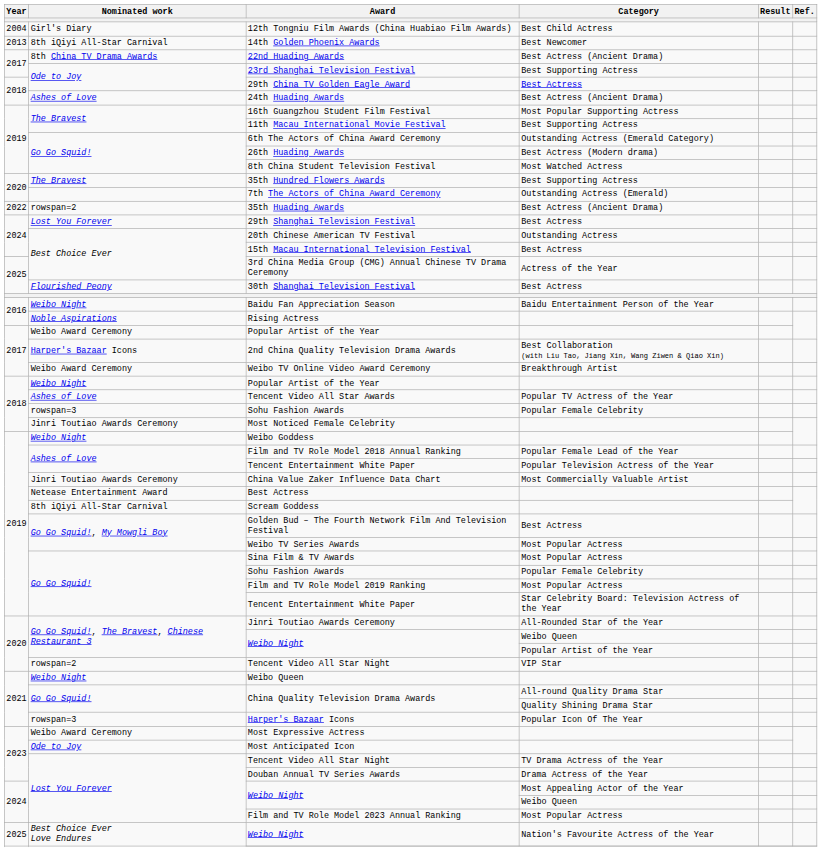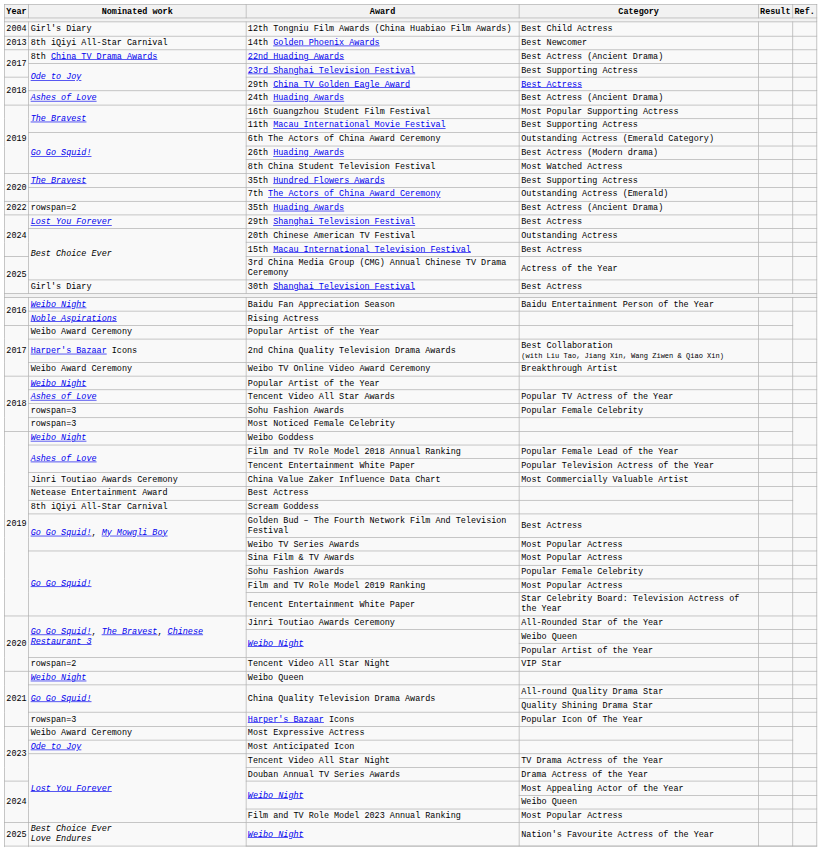 <table class="wikitable">
 <tr>
 <th>Year</th>
 <th>Nominated work</th>
 <th>Award</th>
 <th>Category</th>
 <th>Result</th>
 <th>Ref.</th>
 </tr>
 <tr>
 <th colspan=6></th>
 </tr>
 <tr>
 <td>2004</td>
 <td>Girl's Diary</td>
 <td>12th Tongniu Film Awards (China Huabiao Film Awards)</td>
 <td>Best Child Actress</td>
 <td></td>
 <td></td>
 </tr>
 <tr>
 <td>2013</td>
 <td>8th iQiyi All-Star Carnival</td>
 <td>14th <a href='#'>Golden Phoenix Awards</a></td>
 <td>Best Newcomer</td>
 <td></td>
 <td></td>
 </tr>
 <tr>
 <td rowspan=2>2017</td>
 <td>8th <a href='#'>China TV Drama Awards</a></td>
 <td><a href='#'>22nd Huading Awards</a></td>
 <td>Best Actress (Ancient Drama)</td>
 <td></td>
 <td></td>
 </tr>
 <tr>
 <td rowspan=2><em><a href='#'>Ode to Joy</a></em></td>
 <td><a href='#'>23rd Shanghai Television Festival</a></td>
 <td>Best Supporting Actress</td>
 <td></td>
 <td></td>
 </tr>
 <tr>
 <td rowspan=2>2018</td>
 <td>29th <a href='#'>China TV Golden Eagle Award</a></td>
 <td><a href='#'>Best Actress</a></td>
 <td></td>
 <td></td>
 </tr>
 <tr>
 <td><em><a href='#'>Ashes of Love</a></em></td>
 <td>24th <a href='#'>Huading Awards</a></td>
 <td>Best Actress (Ancient Drama)</td>
 <td></td>
 <td></td>
 </tr>
 <tr>
 <td rowspan=5>2019</td>
 <td rowspan=2><em><a href='#'>The Bravest</a></em></td>
 <td>16th Guangzhou Student Film Festival</td>
 <td>Most Popular Supporting Actress</td>
 <td></td>
 <td></td>
 </tr>
 <tr>
 <td>11th <a href='#'>Macau International Movie Festival</a></td>
 <td>Best Supporting Actress</td>
 <td></td>
 <td></td>
 </tr>
 <tr>
 <td rowspan=3><em><a href='#'>Go Go Squid!</a></em></td>
 <td>6th The Actors of China Award Ceremony</td>
 <td>Outstanding Actress (Emerald Category)</td>
 <td></td>
 <td></td>
 </tr>
 <tr>
 <td>26th <a href='#'>Huading Awards</a></td>
 <td>Best Actress (Modern drama)</td>
 <td></td>
 <td></td>
 </tr>
 <tr>
 <td>8th China Student Television Festival</td>
 <td>Most Watched Actress</td>
 <td></td>
 <td></td>
 </tr>
 <tr>
 <td rowspan=2>2020</td>
 <td><em><a href='#'>The Bravest</a></em></td>
 <td>35th <a href='#'>Hundred Flowers Awards</a></td>
 <td>Best Supporting Actress</td>
 <td></td>
 <td></td>
 </tr>
 <tr>
 <td></td>
 <td>7th <a href='#'>The Actors of China Award Ceremony</a></td>
 <td>Outstanding Actress (Emerald)</td>
 <td></td>
 <td></td>
 </tr>
 <tr>
 <td>2022</td>
 <td>rowspan=2 </td>
 <td>35th <a href='#'>Huading Awards</a></td>
 <td>Best Actress (Ancient Drama)</td>
 <td></td>
 <td></td>
 </tr>
 <tr>
 <td rowspan=3>2024</td>
 <td><em><a href='#'>Lost You Forever</a></em></td>
 <td>29th <a href='#'>Shanghai Television Festival</a></td>
 <td>Best Actress</td>
 <td></td>
 <td></td>
 </tr>
 <tr>
 <td rowspan=3><em>Best Choice Ever</em></td>
 <td>20th Chinese American TV Festival</td>
 <td>Outstanding Actress</td>
 <td></td>
 <td></td>
 </tr>
 <tr>
 <td>15th <a href='#'>Macau International Television Festival</a></td>
 <td>Best Actress</td>
 <td></td>
 <td></td>
 </tr>
 <tr>
 <td rowspan=2>2025</td>
 <td>3rd China Media Group (CMG) Annual Chinese TV Drama Ceremony</td>
 <td>Actress of the Year</td>
 <td></td>
 <td></td>
 </tr>
 <tr>
-<td rowspan=1><em><a href='#'>Flourished Peony</a></em></td>
+<td>Girl's Diary</td>
 <td>30th <a href='#'>Shanghai Television Festival</a></td>
 <td>Best Actress</td>
 <td></td>
 <td></td>
 </tr>
 <tr>
 <th colspan=6></th>
 </tr>
 <tr>
 <td rowspan=2>2016</td>
 <td><a href='#'><em>Weibo Night</em></a></td>
 <td>Baidu Fan Appreciation Season</td>
 <td>Baidu Entertainment Person of the Year</td>
 <td></td>
 <td></td>
 </tr>
 <tr>
 <td><em><a href='#'>Noble Aspirations</a></em></td>
 <td>Rising Actress</td>
 <td></td>
 <td></td>
 </tr>
 <tr>
 <td rowspan=3>2017</td>
 <td>Weibo Award Ceremony</td>
 <td>Popular Artist of the Year</td>
 <td></td>
 <td></td>
 </tr>
 <tr>
 <td><a href='#'>Harper's Bazaar</a> Icons</td>
 <td>2nd China Quality Television Drama Awards</td>
 <td>Best Collaboration <br><small>(with Liu Tao, Jiang Xin, Wang Ziwen & Qiao Xin)</small></td>
 <td></td>
 <td></td>
 </tr>
 <tr>
 <td>Weibo Award Ceremony</td>
 <td>Weibo TV Online Video Award Ceremony</td>
 <td>Breakthrough Artist</td>
 <td></td>
 <td></td>
 </tr>
 <tr>
 <td rowspan=4>2018</td>
 <td><a href='#'><em>Weibo Night</em></a></td>
 <td>Popular Artist of the Year</td>
 <td></td>
 <td></td>
 </tr>
 <tr>
 <td><em><a href='#'>Ashes of Love</a></em></td>
 <td>Tencent Video All Star Awards</td>
 <td>Popular TV Actress of the Year</td>
 <td></td>
 <td></td>
 </tr>
 <tr>
 <td>rowspan=3 </td>
 <td>Sohu Fashion Awards</td>
 <td>Popular Female Celebrity</td>
 <td></td>
 <td></td>
 </tr>
 <tr>
-<td>Jinri Toutiao Awards Ceremony</td>
+<td>rowspan=3 </td>
 <td>Most Noticed Female Celebrity</td>
 <td></td>
 <td></td>
 </tr>
 <tr>
 <td rowspan=12>2019</td>
 <td><a href='#'><em>Weibo Night</em></a></td>
 <td>Weibo Goddess</td>
 <td></td>
 <td></td>
 </tr>
 <tr>
 <td rowspan=2><em><a href='#'>Ashes of Love</a></em></td>
 <td>Film and TV Role Model 2018 Annual Ranking</td>
 <td>Popular Female Lead of the Year</td>
 <td></td>
 <td></td>
 </tr>
 <tr>
 <td>Tencent Entertainment White Paper</td>
 <td>Popular Television Actress of the Year</td>
 <td></td>
 <td></td>
 </tr>
 <tr>
 <td>Jinri Toutiao Awards Ceremony</td>
 <td>China Value Zaker Influence Data Chart</td>
 <td>Most Commercially Valuable Artist</td>
 <td></td>
 <td></td>
 </tr>
 <tr>
 <td>Netease Entertainment Award</td>
 <td>Best Actress</td>
 <td></td>
 <td></td>
 </tr>
 <tr>
 <td>8th iQiyi All-Star Carnival</td>
 <td>Scream Goddess</td>
 <td></td>
 <td></td>
 </tr>
 <tr>
 <td rowspan=2><em><a href='#'>Go Go Squid!</a></em>, <em><a href='#'>My Mowgli Boy</a></em></td>
 <td>Golden Bud – The Fourth Network Film And Television Festival</td>
 <td>Best Actress</td>
 <td></td>
 <td></td>
 </tr>
 <tr>
 <td>Weibo TV Series Awards</td>
 <td>Most Popular Actress</td>
 <td></td>
 <td></td>
 </tr>
 <tr>
 <td rowspan=4><em><a href='#'>Go Go Squid!</a></em></td>
 <td>Sina Film & TV Awards</td>
 <td>Most Popular Actress</td>
 <td></td>
 <td></td>
 </tr>
 <tr>
 <td>Sohu Fashion Awards</td>
 <td>Popular Female Celebrity</td>
 <td></td>
 <td></td>
 </tr>
 <tr>
 <td>Film and TV Role Model 2019 Ranking</td>
 <td>Most Popular Actress</td>
 <td></td>
 <td></td>
 </tr>
 <tr>
 <td>Tencent Entertainment White Paper</td>
 <td>Star Celebrity Board: Television Actress of the Year</td>
 <td></td>
 <td></td>
 </tr>
 <tr>
 <td rowspan=4>2020</td>
 <td rowspan=3><em><a href='#'>Go Go Squid!</a></em>, <em><a href='#'>The Bravest</a></em>, <em><a href='#'>Chinese Restaurant 3</a></em></td>
 <td>Jinri Toutiao Awards Ceremony</td>
 <td>All-Rounded Star of the Year</td>
 <td></td>
 <td></td>
 </tr>
 <tr>
 <td rowspan=2><a href='#'><em>Weibo Night</em></a></td>
 <td>Weibo Queen</td>
 <td></td>
 <td></td>
 </tr>
 <tr>
 <td>Popular Artist of the Year</td>
 <td></td>
 <td></td>
 </tr>
 <tr>
 <td>rowspan=2 </td>
 <td>Tencent Video All Star Night</td>
 <td>VIP Star</td>
 <td></td>
 <td></td>
 </tr>
 <tr>
 <td rowspan=4>2021</td>
 <td><a href='#'><em>Weibo Night</em></a></td>
 <td>Weibo Queen</td>
 <td></td>
 <td></td>
 </tr>
 <tr>
 <td rowspan=2><em><a href='#'>Go Go Squid!</a></em></td>
 <td rowspan=2>China Quality Television Drama Awards</td>
 <td>All-round Quality Drama Star</td>
 <td></td>
 <td></td>
 </tr>
 <tr>
 <td>Quality Shining Drama Star</td>
 <td></td>
 <td></td>
 </tr>
 <tr>
 <td>rowspan=3 </td>
 <td><a href='#'>Harper's Bazaar</a> Icons</td>
 <td>Popular Icon Of The Year</td>
 <td></td>
 <td></td>
 </tr>
 <tr>
 <td rowspan=4>2023</td>
 <td>Weibo Award Ceremony</td>
 <td>Most Expressive Actress</td>
 <td></td>
 <td></td>
 </tr>
 <tr>
 <td><em><a href='#'>Ode to Joy</a></em></td>
 <td>Most Anticipated Icon</td>
 <td></td>
 <td></td>
 </tr>
 <tr>
 <td rowspan=5><em><a href='#'>Lost You Forever</a></em></td>
 <td>Tencent Video All Star Night</td>
 <td>TV Drama Actress of the Year</td>
 <td></td>
 <td></td>
 </tr>
 <tr>
 <td>Douban Annual TV Series Awards</td>
 <td>Drama Actress of the Year</td>
 <td></td>
 <td></td>
 </tr>
 <tr>
 <td rowspan=3>2024</td>
 <td rowspan=2><a href='#'><em>Weibo Night</em></a></td>
 <td>Most Appealing Actor of the Year</td>
 <td></td>
 <td></td>
 </tr>
 <tr>
 <td>Weibo Queen</td>
 <td></td>
 <td></td>
 </tr>
 <tr>
 <td>Film and TV Role Model 2023 Annual Ranking</td>
 <td>Most Popular Actress</td>
 <td></td>
 <td></td>
 </tr>
 <tr>
 <td rowspan=4>2025</td>
 <td rowspan=5><em>Best Choice Ever</em><br><em>Love Endures</em></td>
 <td><a href='#'><em>Weibo Night</em></a></td>
 <td>Nation's Favourite Actress of the Year</td>
 <td></td>
 <td></td>
 </tr>
 <tr>
 </tr>
 </table>
